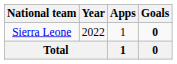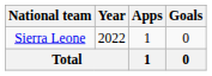 <table class="wikitable" style="text-align:center">
 <tr>
 <th>National team</th>
 <th>Year</th>
 <th>Apps</th>
 <th>Goals</th>
 </tr>
 <tr>
 <td rowspan="1"><a href='#'>Sierra Leone</a></td>
 <td>2022</td>
 <td>1</td>
-<td><strong>0</strong></td>
+<td>0</td>
 </tr>
 <tr>
 <th colspan="2">Total</th>
 <th>1</th>
 <th>0</th>
 </tr>
 </table>
